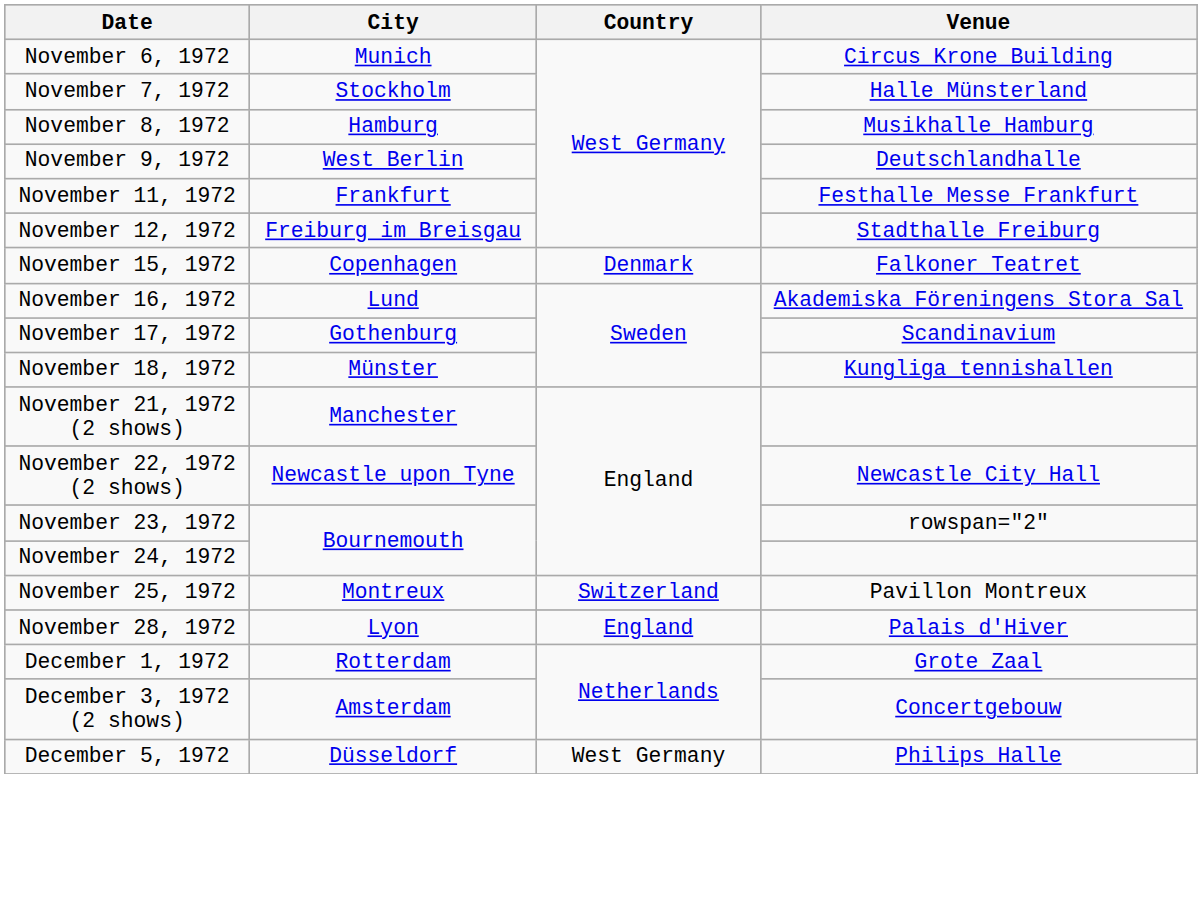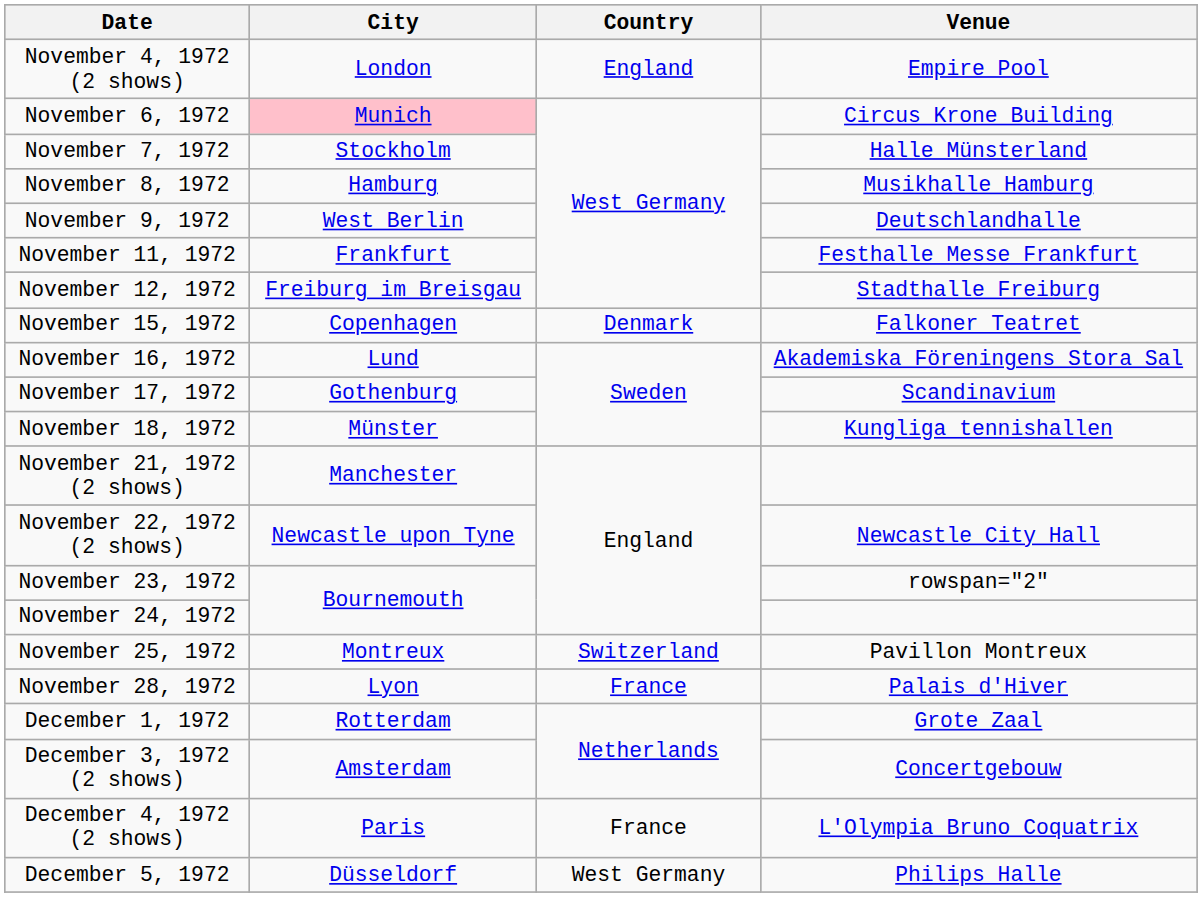 <table class="wikitable sortable plainrowheaders" style="text-align:center;">
 <tr>
 <th scope="col" style="width:11em;">Date</th>
 <th scope="col" style="width:13em;">City</th>
 <th scope="col" style="width:10em;">Country</th>
 <th scope="col" style="width:20em;">Venue</th>
 </tr>
 <tr>
+<td>November 4, 1972<br>(2 shows)</td>
+<td><a href='#'>London</a></td>
+<td><a href='#'>England</a></td>
+<td><a href='#'>Empire Pool</a></td>
+</tr>
+<tr>
 <td>November 6, 1972</td>
-<td><a href='#'>Munich</a></td>
+<td style="background: pink;"><a href='#'>Munich</a></td>
 <td rowspan="6"><a href='#'>West Germany</a></td>
 <td><a href='#'>Circus Krone Building</a></td>
 </tr>
 <tr>
 <td>November 7, 1972</td>
 <td><a href='#'>Stockholm</a></td>
 <td><a href='#'>Halle Münsterland</a></td>
 </tr>
 <tr>
 <td>November 8, 1972</td>
 <td><a href='#'>Hamburg</a></td>
 <td><a href='#'>Musikhalle Hamburg</a></td>
 </tr>
 <tr>
 <td>November 9, 1972</td>
 <td><a href='#'>West Berlin</a></td>
 <td><a href='#'>Deutschlandhalle</a></td>
 </tr>
 <tr>
 <td>November 11, 1972</td>
 <td><a href='#'>Frankfurt</a></td>
 <td><a href='#'>Festhalle Messe Frankfurt</a></td>
 </tr>
 <tr>
 <td>November 12, 1972</td>
 <td><a href='#'>Freiburg im Breisgau</a></td>
 <td><a href='#'>Stadthalle Freiburg</a></td>
 </tr>
 <tr>
 <td>November 15, 1972</td>
 <td><a href='#'>Copenhagen</a></td>
 <td><a href='#'>Denmark</a></td>
 <td><a href='#'>Falkoner Teatret</a></td>
 </tr>
 <tr>
 <td>November 16, 1972</td>
 <td><a href='#'>Lund</a></td>
 <td rowspan="3"><a href='#'>Sweden</a></td>
 <td><a href='#'>Akademiska Föreningens Stora Sal</a></td>
 </tr>
 <tr>
 <td>November 17, 1972</td>
 <td><a href='#'>Gothenburg</a></td>
 <td><a href='#'>Scandinavium</a></td>
 </tr>
 <tr>
 <td>November 18, 1972</td>
 <td><a href='#'>Münster</a></td>
 <td><a href='#'>Kungliga tennishallen</a></td>
 </tr>
 <tr>
 <td>November 21, 1972<br>(2 shows)</td>
 <td><a href='#'>Manchester</a></td>
 <td rowspan="4">England</td>
 <td></td>
 </tr>
 <tr>
 <td>November 22, 1972<br>(2 shows)</td>
 <td><a href='#'>Newcastle upon Tyne</a></td>
 <td><a href='#'>Newcastle City Hall</a></td>
 </tr>
 <tr>
 <td>November 23, 1972</td>
 <td rowspan="2"><a href='#'>Bournemouth</a></td>
 <td>rowspan="2" </td>
 </tr>
 <tr>
 <td>November 24, 1972</td>
 </tr>
 <tr>
 <td>November 25, 1972</td>
 <td><a href='#'>Montreux</a></td>
 <td><a href='#'>Switzerland</a></td>
 <td>Pavillon Montreux</td>
 </tr>
 <tr>
 <td>November 28, 1972</td>
 <td><a href='#'>Lyon</a></td>
-<td><a href='#'>England</a></td>
+<td><a href='#'>France</a></td>
 <td><a href='#'>Palais d'Hiver</a></td>
 </tr>
 <tr>
 <td>December 1, 1972</td>
 <td><a href='#'>Rotterdam</a></td>
 <td rowspan="2"><a href='#'>Netherlands</a></td>
 <td><a href='#'>Grote Zaal</a></td>
 </tr>
 <tr>
 <td>December 3, 1972<br>(2 shows)</td>
 <td><a href='#'>Amsterdam</a></td>
 <td><a href='#'>Concertgebouw</a></td>
 </tr>
 <tr>
+<td>December 4, 1972<br>(2 shows)</td>
+<td><a href='#'>Paris</a></td>
+<td>France</td>
+<td><a href='#'>L'Olympia Bruno Coquatrix</a></td>
+</tr>
+<tr>
 <td>December 5, 1972</td>
 <td><a href='#'>Düsseldorf</a></td>
 <td>West Germany</td>
 <td><a href='#'>Philips Halle</a></td>
 </tr>
 </table>
